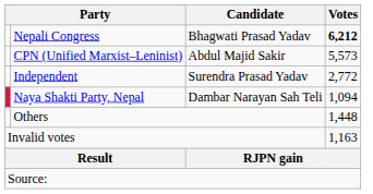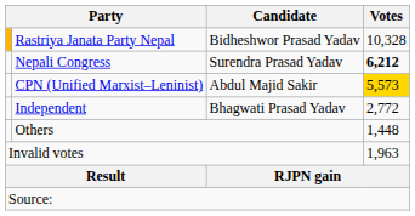 <table class="wikitable">
 <tr>
 <th colspan="2">Party</th>
 <th>Candidate</th>
 <th>Votes</th>
 </tr>
 <tr>
+<td style="background-color:#ffb300"></td>
+<td><a href='#'>Rastriya Janata Party Nepal</a></td>
+<td>Bidheshwor Prasad Yadav</td>
+<td>10,328</td>
+</tr>
+<tr>
 <td style="background-color:"></td>
 <td><a href='#'>Nepali Congress</a></td>
-<td>Bhagwati Prasad Yadav</td>
+<td>Surendra Prasad Yadav</td>
 <td><strong>6,212</strong></td>
 </tr>
 <tr>
 <td style="background-color:"></td>
 <td><a href='#'>CPN (Unified Marxist–Leninist)</a></td>
 <td>Abdul Majid Sakir</td>
-<td>5,573</td>
+<td style="background: gold;">5,573</td>
 </tr>
 <tr>
 <td style="background-color:"></td>
 <td><a href='#'>Independent</a></td>
-<td>Surendra Prasad Yadav</td>
+<td>Bhagwati Prasad Yadav</td>
 <td>2,772</td>
-</tr>
-<tr>
-<td style="background-color:crimson"></td>
-<td><a href='#'>Naya Shakti Party, Nepal</a></td>
-<td>Dambar Narayan Sah Teli</td>
-<td>1,094</td>
 </tr>
 <tr>
 <td></td>
 <td colspan="2">Others</td>
 <td>1,448</td>
 </tr>
 <tr>
 <td colspan="3">Invalid votes</td>
-<td>1,163</td>
+<td>1,963</td>
 </tr>
 <tr>
 <th colspan="2">Result</th>
 <th colspan="2">RJPN gain</th>
 </tr>
 <tr>
 <td colspan="4">Source: </td>
 </tr>
 </table>
